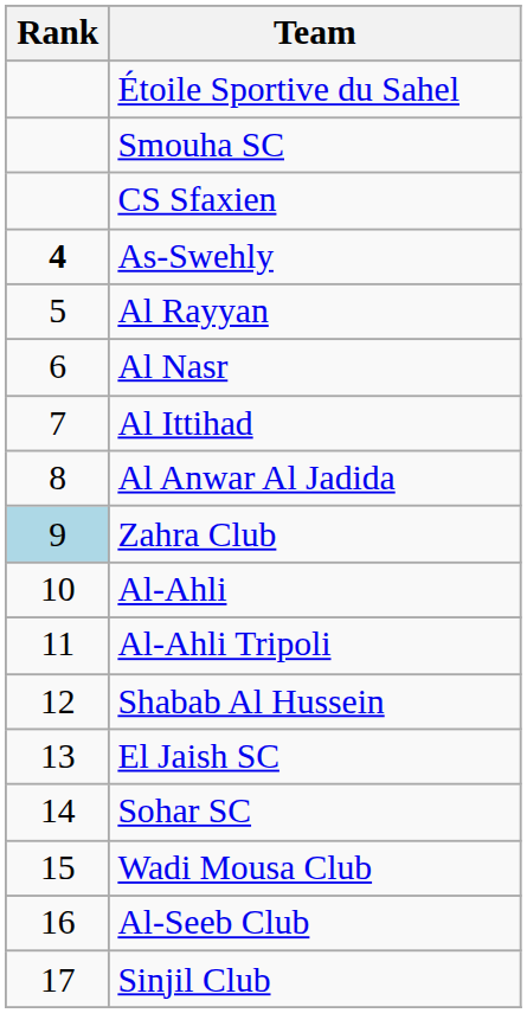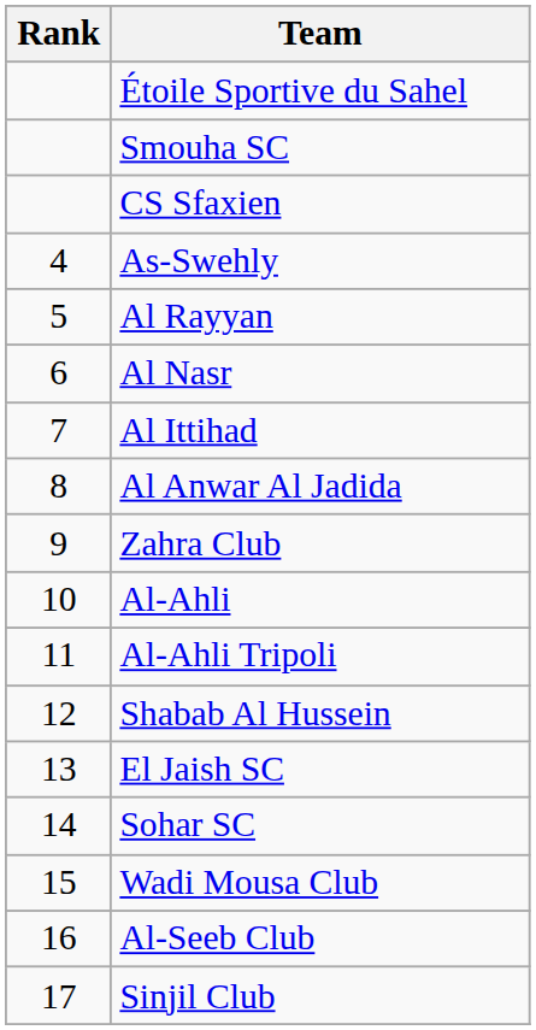 <table class="wikitable" style="text-align: center;">
 <tr>
 <th width=40>Rank</th>
 <th width=180>Team</th>
 </tr>
 <tr align=center>
 <td></td>
 <td style="text-align:left;"> <a href='#'>Étoile Sportive du Sahel</a></td>
 </tr>
 <tr align=center>
 <td></td>
 <td style="text-align:left;"> <a href='#'>Smouha SC</a></td>
 </tr>
 <tr align=center>
 <td></td>
 <td style="text-align:left;"> <a href='#'>CS Sfaxien</a></td>
 </tr>
 <tr align=center>
-<td><strong>4</strong></td>
+<td>4</td>
 <td style="text-align:left;"> <a href='#'>As-Swehly</a></td>
 </tr>
 <tr align=center>
 <td>5</td>
 <td style="text-align:left;"> <a href='#'>Al Rayyan</a></td>
 </tr>
 <tr align=center>
 <td>6</td>
 <td style="text-align:left;"> <a href='#'>Al Nasr</a></td>
 </tr>
 <tr align=center>
 <td>7</td>
 <td style="text-align:left;"> <a href='#'>Al Ittihad</a></td>
 </tr>
 <tr align=center>
 <td>8</td>
 <td style="text-align:left;"> <a href='#'>Al Anwar Al Jadida</a></td>
 </tr>
 <tr align=center>
-<td style="background: lightblue;">9</td>
+<td>9</td>
 <td style="text-align:left;"> <a href='#'>Zahra Club</a></td>
 </tr>
 <tr align=center>
 <td>10</td>
 <td style="text-align:left;"> <a href='#'>Al-Ahli</a></td>
 </tr>
 <tr align=center>
 <td>11</td>
 <td style="text-align:left;"> <a href='#'>Al-Ahli Tripoli</a></td>
 </tr>
 <tr align=center>
 <td>12</td>
 <td style="text-align:left;"> <a href='#'>Shabab Al Hussein</a></td>
 </tr>
 <tr align=center>
 <td>13</td>
 <td style="text-align:left;"> <a href='#'>El Jaish SC</a></td>
 </tr>
 <tr align=center>
 <td>14</td>
 <td style="text-align:left;"> <a href='#'>Sohar SC</a></td>
 </tr>
 <tr align=center>
 <td>15</td>
 <td style="text-align:left;"> <a href='#'>Wadi Mousa Club</a></td>
 </tr>
 <tr align=center>
 <td>16</td>
 <td style="text-align:left;"> <a href='#'>Al-Seeb Club</a></td>
 </tr>
 <tr align=center>
 <td>17</td>
 <td style="text-align:left;"> <a href='#'>Sinjil Club</a></td>
 </tr>
 <tr align=center>
 </tr>
 </table>
